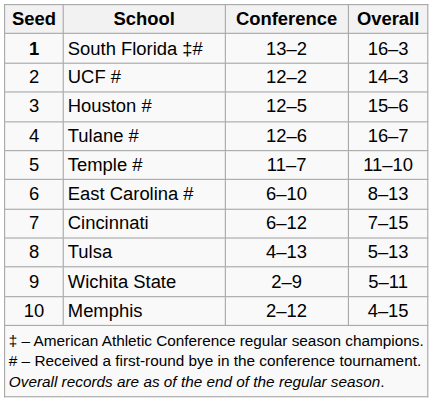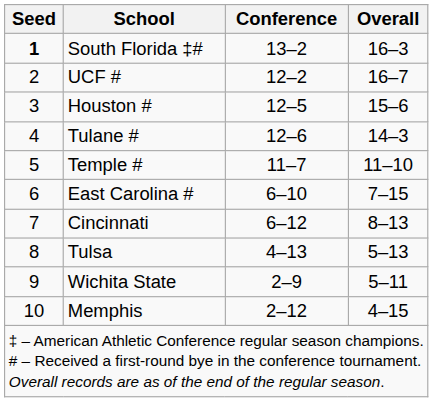 <table class="wikitable" style="text-align:center">
 <tr>
 <th>Seed</th>
 <th>School</th>
 <th>Conference</th>
 <th>Overall</th>
 </tr>
 <tr>
 <td><strong>1</strong></td>
 <td align=left>South Florida ‡#</td>
 <td>13–2</td>
 <td>16–3</td>
 </tr>
 <tr>
 <td>2</td>
 <td align=left>UCF #</td>
 <td>12–2</td>
-<td>14–3</td>
+<td>16–7</td>
 </tr>
 <tr>
 <td>3</td>
 <td align=left>Houston #</td>
 <td>12–5</td>
 <td>15–6</td>
 </tr>
 <tr>
 <td>4</td>
 <td align=left>Tulane #</td>
 <td>12–6</td>
-<td>16–7</td>
+<td>14–3</td>
 </tr>
 <tr>
 <td>5</td>
 <td align=left>Temple #</td>
 <td>11–7</td>
 <td>11–10</td>
 </tr>
 <tr>
 <td>6</td>
 <td align=left>East Carolina #</td>
 <td>6–10</td>
-<td>8–13</td>
+<td>7–15</td>
 </tr>
 <tr>
 <td>7</td>
 <td align=left>Cincinnati</td>
 <td>6–12</td>
-<td>7–15</td>
+<td>8–13</td>
 </tr>
 <tr>
 <td>8</td>
 <td align=left>Tulsa</td>
 <td>4–13</td>
 <td>5–13</td>
 </tr>
 <tr>
 <td>9</td>
 <td align=left>Wichita State</td>
 <td>2–9</td>
 <td>5–11</td>
 </tr>
 <tr>
 <td>10</td>
 <td align=left>Memphis</td>
 <td>2–12</td>
 <td>4–15</td>
 </tr>
 <tr>
 <td colspan="6" style="text-align:left;"><small>‡ – American Athletic Conference regular season champions.<br># – Received a first-round bye in the conference tournament.<br><em>Overall records are as of the end of the regular season</em>.</small></td>
 </tr>
 </table>
